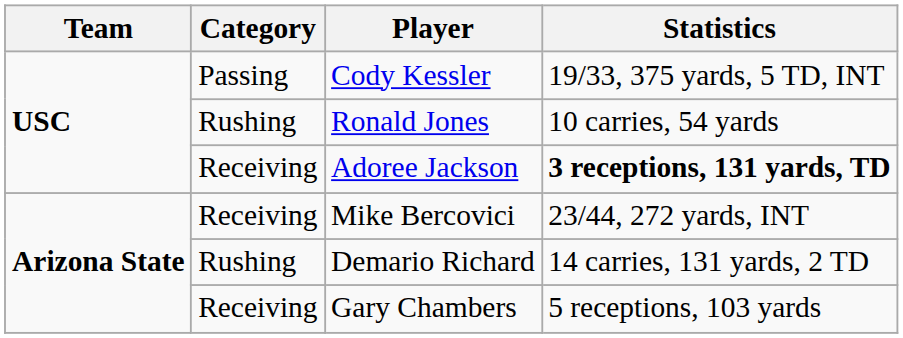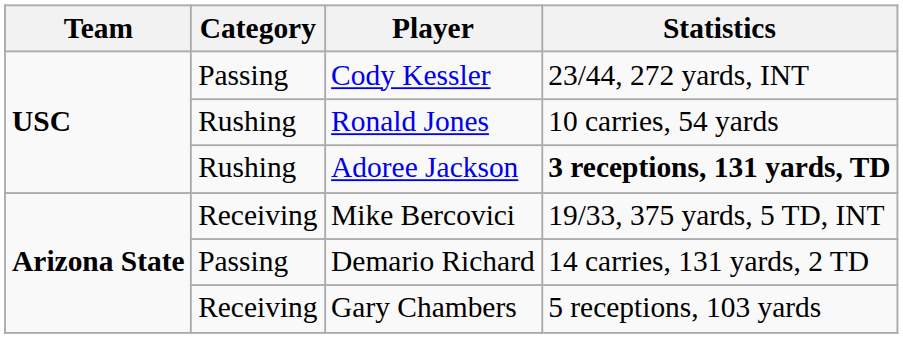 <table class="wikitable" style="float: right;">
 <tr>
 <th>Team</th>
 <th>Category</th>
 <th>Player</th>
 <th>Statistics</th>
 </tr>
 <tr>
 <td rowspan=3><strong>USC</strong></td>
 <td>Passing</td>
 <td><a href='#'>Cody Kessler</a></td>
-<td>19/33, 375 yards, 5 TD, INT</td>
+<td>23/44, 272 yards, INT</td>
 </tr>
 <tr>
 <td>Rushing</td>
 <td><a href='#'>Ronald Jones</a></td>
 <td>10 carries, 54 yards</td>
 </tr>
 <tr>
-<td>Receiving</td>
+<td>Rushing</td>
 <td><a href='#'>Adoree Jackson</a></td>
 <td><strong>3 receptions, 131 yards, TD</strong></td>
 </tr>
 <tr>
 <td rowspan=3><strong>Arizona State</strong></td>
 <td>Receiving</td>
 <td>Mike Bercovici</td>
-<td>23/44, 272 yards, INT</td>
+<td>19/33, 375 yards, 5 TD, INT</td>
 </tr>
 <tr>
-<td>Rushing</td>
+<td>Passing</td>
 <td>Demario Richard</td>
 <td>14 carries, 131 yards, 2 TD</td>
 </tr>
 <tr>
 <td>Receiving</td>
 <td>Gary Chambers</td>
 <td>5 receptions, 103 yards</td>
 </tr>
 </table>
